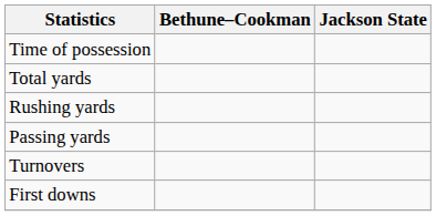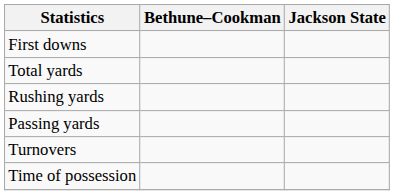 <table class="wikitable">
 <tr>
 <th>Statistics</th>
 <th>Bethune–Cookman</th>
 <th>Jackson State</th>
 </tr>
 <tr>
-<td>Time of possession</td>
+<td>First downs</td>
 <td> </td>
 <td> </td>
 </tr>
 <tr>
 <td>Total yards</td>
 <td> </td>
 <td> </td>
 </tr>
 <tr>
 <td>Rushing yards</td>
 <td> </td>
 <td> </td>
 </tr>
 <tr>
 <td>Passing yards</td>
 <td> </td>
 <td> </td>
 </tr>
 <tr>
 <td>Turnovers</td>
 <td> </td>
 <td> </td>
 </tr>
 <tr>
-<td>First downs</td>
+<td>Time of possession</td>
 <td> </td>
 <td> </td>
 </tr>
 <tr>
 </tr>
 </table>
